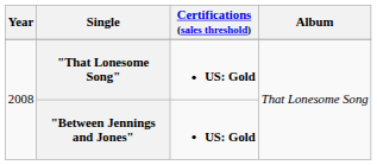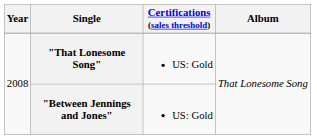 <table class="wikitable plainrowheaders" style="text-align:center;">
 <tr>
 <th rowspan="1">Year</th>
 <th rowspan="1" style="width:10em;">Single</th>
 <th rowspan="1"><a href='#'>Certifications</a><br><small>(<a href='#'>sales threshold</a>)</small></th>
 <th rowspan="1">Album</th>
 </tr>
 <tr style="font-size:smaller;">
 </tr>
 <tr>
 <td rowspan="2">2008</td>
 <th scope="row">"That Lonesome Song"</th>
-<td><strong><br><ul><li>US: Gold</li></ul></strong></td>
+<td><br><ul><li>US: Gold</li></ul></td>
 <td rowspan="2" style="text-align:left;"><em>That Lonesome Song</em></td>
 </tr>
 <tr>
 <th scope="row">"Between Jennings and Jones"</th>
-<td><strong><br><ul><li>US: Gold</li></ul></strong></td>
+<td><br><ul><li>US: Gold</li></ul></td>
 </tr>
 </table>
